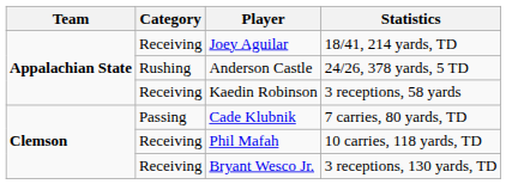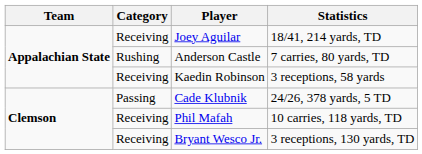 <table class="wikitable" style="float: right;">
 <tr>
 <th>Team</th>
 <th>Category</th>
 <th>Player</th>
 <th>Statistics</th>
 </tr>
 <tr>
 <td rowspan=3><strong>Appalachian State</strong></td>
 <td>Receiving</td>
 <td><a href='#'>Joey Aguilar</a></td>
 <td>18/41, 214 yards, TD</td>
 </tr>
 <tr>
 <td>Rushing</td>
 <td>Anderson Castle</td>
-<td>24/26, 378 yards, 5 TD</td>
+<td>7 carries, 80 yards, TD</td>
 </tr>
 <tr>
 <td>Receiving</td>
 <td>Kaedin Robinson</td>
 <td>3 receptions, 58 yards</td>
 </tr>
 <tr>
 <td rowspan=3><strong>Clemson</strong></td>
 <td>Passing</td>
 <td><a href='#'>Cade Klubnik</a></td>
-<td>7 carries, 80 yards, TD</td>
+<td>24/26, 378 yards, 5 TD</td>
 </tr>
 <tr>
 <td>Receiving</td>
 <td><a href='#'>Phil Mafah</a></td>
 <td>10 carries, 118 yards, TD</td>
 </tr>
 <tr>
 <td>Receiving</td>
 <td><a href='#'>Bryant Wesco Jr.</a></td>
 <td>3 receptions, 130 yards, TD</td>
 </tr>
 </table>
